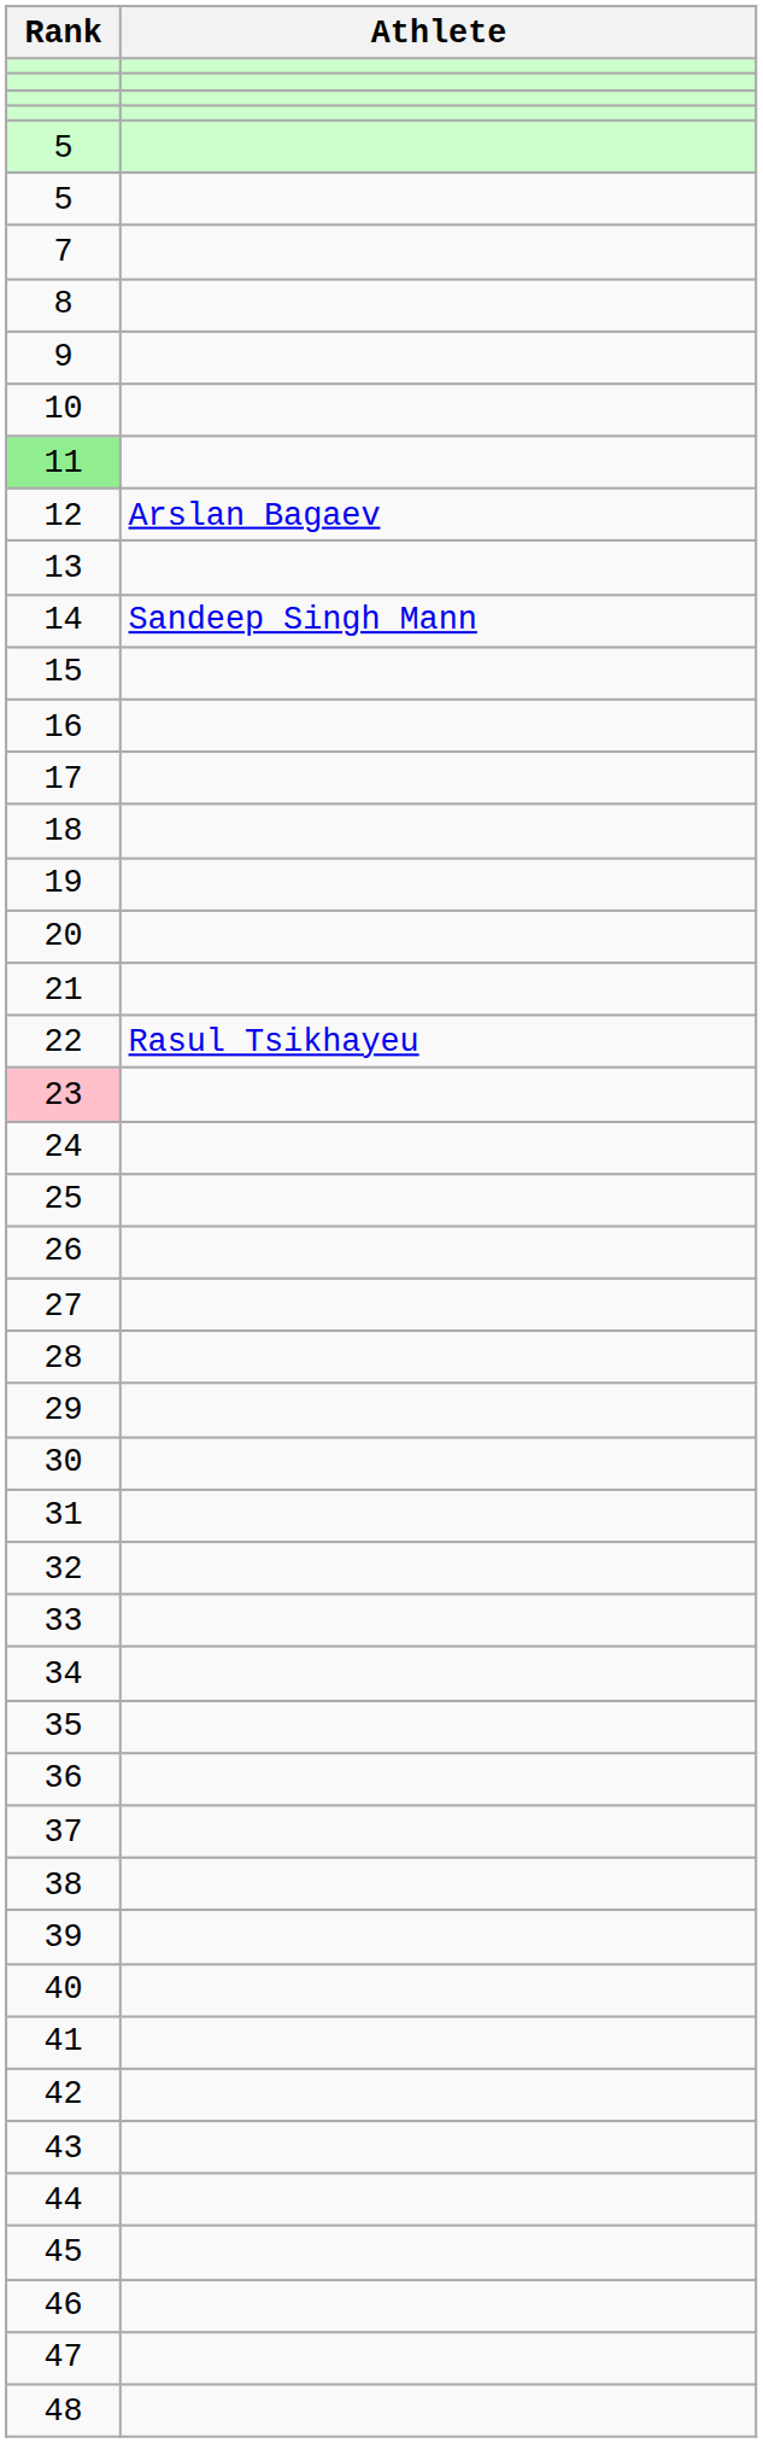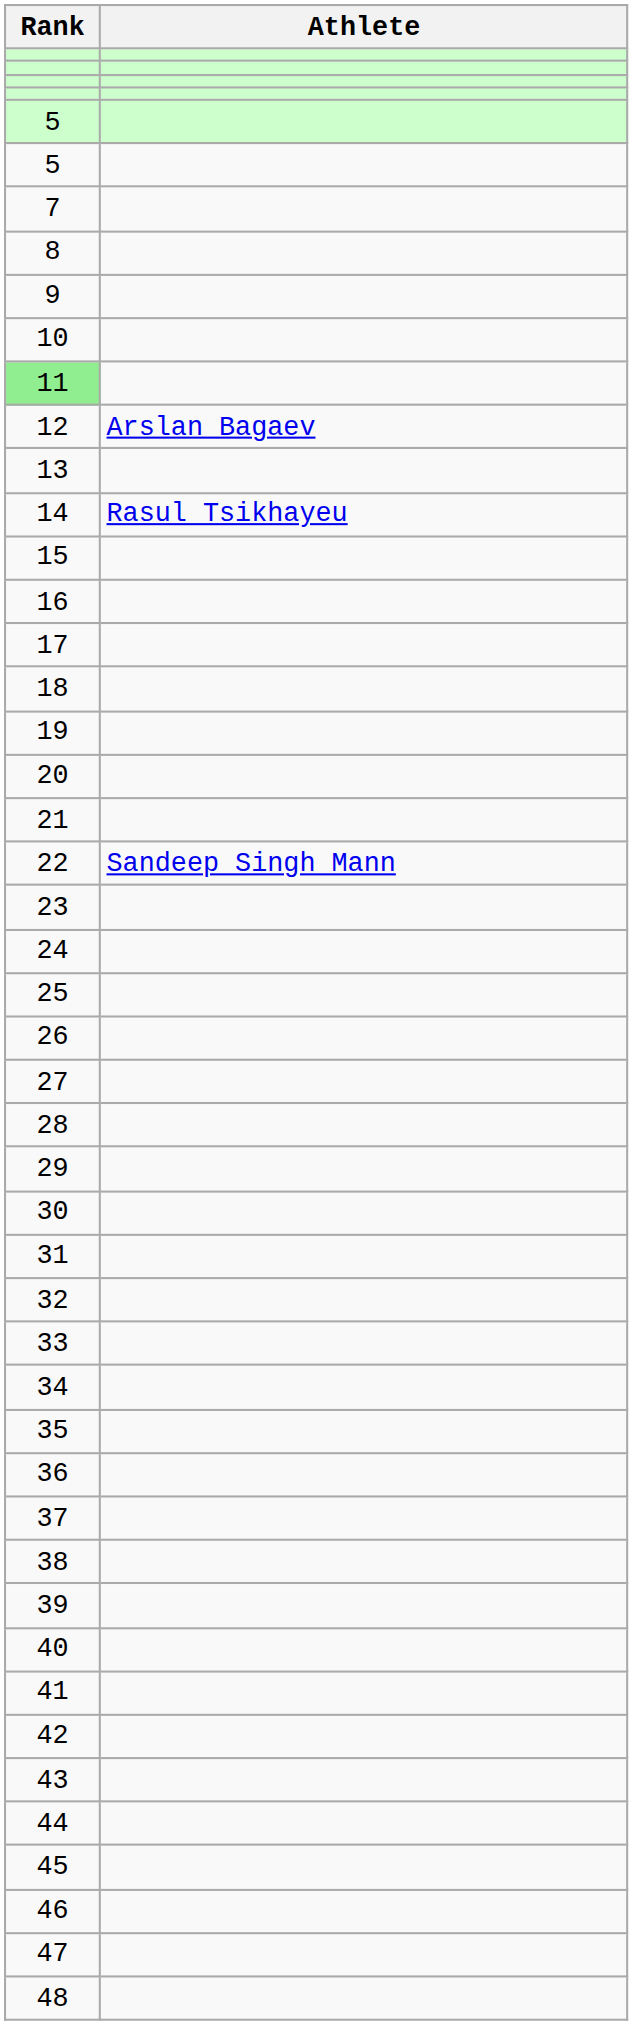 <table class="wikitable" style="text-align: center;">
 <tr>
 <th width=40>Rank</th>
 <th width=250>Athlete</th>
 </tr>
 <tr bgcolor=#ccffcc>
 <td></td>
 <td align="left"></td>
 </tr>
 <tr bgcolor=#ccffcc>
 <td></td>
 <td align="left"></td>
 </tr>
 <tr bgcolor=#ccffcc>
 <td></td>
 <td align="left"></td>
 </tr>
 <tr bgcolor=#ccffcc>
 <td></td>
 <td align="left"></td>
 </tr>
 <tr bgcolor=#ccffcc>
 <td>5</td>
 <td align="left"></td>
 </tr>
 <tr>
 <td>5</td>
 <td align="left"></td>
 </tr>
 <tr>
 <td>7</td>
 <td align="left"></td>
 </tr>
 <tr>
 <td>8</td>
 <td align="left"></td>
 </tr>
 <tr>
 <td>9</td>
 <td align="left"></td>
 </tr>
 <tr>
 <td>10</td>
 <td align="left"></td>
 </tr>
 <tr>
 <td style="background: lightgreen;">11</td>
 <td align="left"></td>
 </tr>
 <tr>
 <td>12</td>
 <td align="left"> <a href='#'>Arslan Bagaev</a> </td>
 </tr>
 <tr>
 <td>13</td>
 <td align="left"></td>
 </tr>
 <tr>
 <td>14</td>
-<td align="left"> <a href='#'>Sandeep Singh Mann</a> </td>
+<td align="left"> <a href='#'>Rasul Tsikhayeu</a> </td>
 </tr>
 <tr>
 <td>15</td>
 <td align="left"></td>
 </tr>
 <tr>
 <td>16</td>
 <td align="left"></td>
 </tr>
 <tr>
 <td>17</td>
 <td align="left"></td>
 </tr>
 <tr>
 <td>18</td>
 <td align="left"></td>
 </tr>
 <tr>
 <td>19</td>
 <td align="left"></td>
 </tr>
 <tr>
 <td>20</td>
 <td align="left"></td>
 </tr>
 <tr>
 <td>21</td>
 <td align="left"></td>
 </tr>
 <tr>
 <td>22</td>
-<td align="left"> <a href='#'>Rasul Tsikhayeu</a> </td>
+<td align="left"> <a href='#'>Sandeep Singh Mann</a> </td>
 </tr>
 <tr>
-<td style="background: pink;">23</td>
+<td>23</td>
 <td align="left"></td>
 </tr>
 <tr>
 <td>24</td>
 <td align="left"></td>
 </tr>
 <tr>
 <td>25</td>
 <td align="left"></td>
 </tr>
 <tr>
 <td>26</td>
 <td align="left"></td>
 </tr>
 <tr>
 <td>27</td>
 <td align="left"></td>
 </tr>
 <tr>
 <td>28</td>
 <td align="left"></td>
 </tr>
 <tr>
 <td>29</td>
 <td align="left"></td>
 </tr>
 <tr>
 <td>30</td>
 <td align="left"></td>
 </tr>
 <tr>
 <td>31</td>
 <td align="left"></td>
 </tr>
 <tr>
 <td>32</td>
 <td align="left"></td>
 </tr>
 <tr>
 <td>33</td>
 <td align="left"></td>
 </tr>
 <tr>
 <td>34</td>
 <td align="left"></td>
 </tr>
 <tr>
 <td>35</td>
 <td align="left"></td>
 </tr>
 <tr>
 <td>36</td>
 <td align="left"></td>
 </tr>
 <tr>
 <td>37</td>
 <td align="left"></td>
 </tr>
 <tr>
 <td>38</td>
 <td align="left"></td>
 </tr>
 <tr>
 <td>39</td>
 <td align="left"></td>
 </tr>
 <tr>
 <td>40</td>
 <td align="left"></td>
 </tr>
 <tr>
 <td>41</td>
 <td align="left"></td>
 </tr>
 <tr>
 <td>42</td>
 <td align="left"></td>
 </tr>
 <tr>
 <td>43</td>
 <td align="left"></td>
 </tr>
 <tr>
 <td>44</td>
 <td align="left"></td>
 </tr>
 <tr>
 <td>45</td>
 <td align="left"></td>
 </tr>
 <tr>
 <td>46</td>
 <td align="left"></td>
 </tr>
 <tr>
 <td>47</td>
 <td align="left"></td>
 </tr>
 <tr>
 <td>48</td>
 <td align="left"></td>
 </tr>
 </table>
